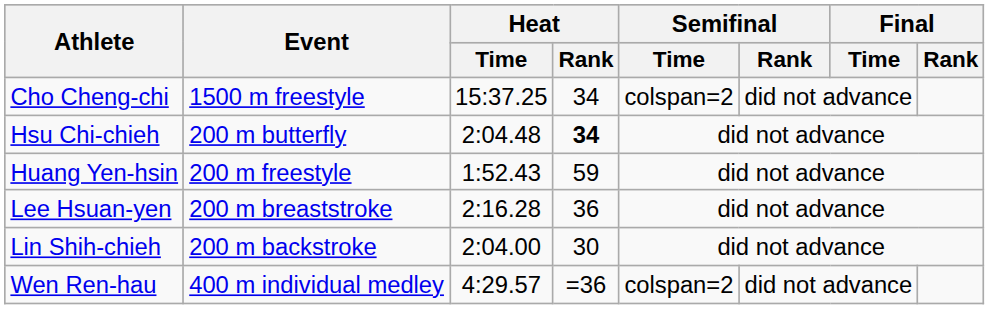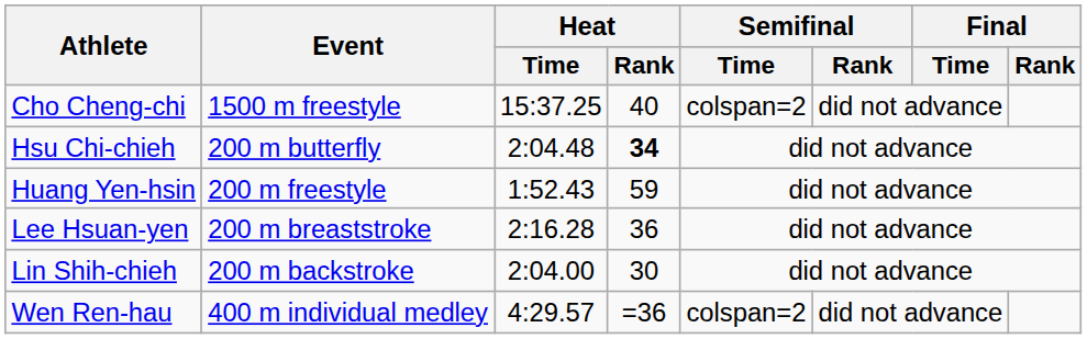 <table class=wikitable style="font-size:90%">
 <tr>
 <th rowspan="2">Athlete</th>
 <th rowspan="2">Event</th>
 <th colspan="2">Heat</th>
 <th colspan="2">Semifinal</th>
 <th colspan="2">Final</th>
 </tr>
 <tr style="font-size:95%">
 <th>Time</th>
 <th>Rank</th>
 <th>Time</th>
 <th>Rank</th>
 <th>Time</th>
 <th>Rank</th>
 </tr>
 <tr align=center>
 <td align=left><a href='#'>Cho Cheng-chi</a></td>
 <td align=left><a href='#'>1500 m freestyle</a></td>
 <td>15:37.25</td>
-<td>34</td>
+<td>40</td>
 <td>colspan=2 </td>
 <td colspan=2>did not advance</td>
 </tr>
 <tr align=center>
 <td align=left><a href='#'>Hsu Chi-chieh</a></td>
 <td align=left><a href='#'>200 m butterfly</a></td>
 <td>2:04.48</td>
 <td><strong>34</strong></td>
 <td colspan=4>did not advance</td>
 </tr>
 <tr align=center>
 <td align=left><a href='#'>Huang Yen-hsin</a></td>
 <td align=left><a href='#'>200 m freestyle</a></td>
 <td>1:52.43</td>
 <td>59</td>
 <td colspan=4>did not advance</td>
 </tr>
 <tr align=center>
 <td align=left><a href='#'>Lee Hsuan-yen</a></td>
 <td align=left><a href='#'>200 m breaststroke</a></td>
 <td>2:16.28</td>
 <td>36</td>
 <td colspan=4>did not advance</td>
 </tr>
 <tr align=center>
 <td align=left><a href='#'>Lin Shih-chieh</a></td>
 <td align=left><a href='#'>200 m backstroke</a></td>
 <td>2:04.00</td>
 <td>30</td>
 <td colspan=4>did not advance</td>
 </tr>
 <tr align=center>
 <td align=left><a href='#'>Wen Ren-hau</a></td>
 <td align=left><a href='#'>400 m individual medley</a></td>
 <td>4:29.57</td>
 <td>=36</td>
 <td>colspan=2 </td>
 <td colspan=2>did not advance</td>
 </tr>
 </table>
